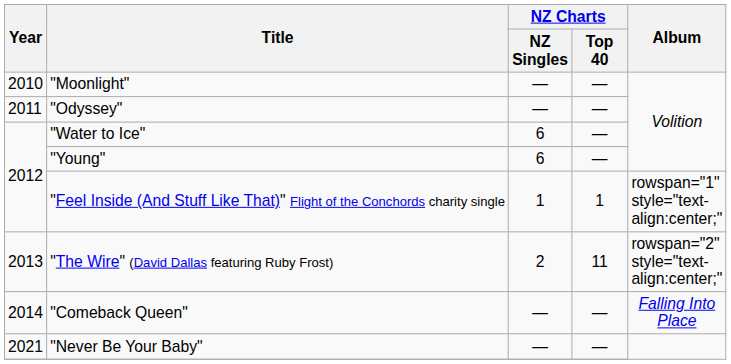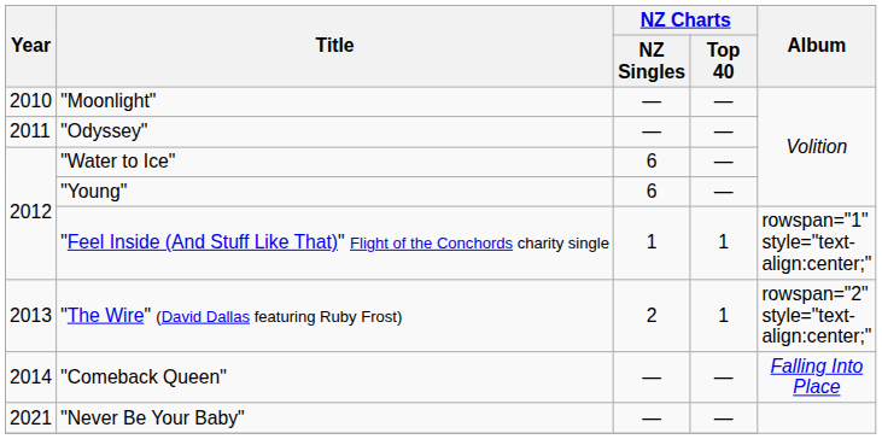 <table class="wikitable">
 <tr>
 <th rowspan="2">Year</th>
 <th rowspan="2">Title</th>
 <th colspan="2"><a href='#'>NZ Charts</a> <br></th>
 <th rowspan="2" style="width:90px;"><strong>Album</strong></th>
 </tr>
 <tr>
 <th style="width:25px;">NZ Singles<br></th>
 <th style="width:50px;">Top 40<br></th>
 </tr>
 <tr>
 <td rowspan=1>2010</td>
 <td>"Moonlight"</td>
 <td style="text-align:center;">—</td>
 <td style="text-align:center;">—</td>
 <td rowspan="4" style="text-align:center;"><em>Volition</em></td>
 </tr>
 <tr>
 <td rowspan=1>2011</td>
 <td>"Odyssey"</td>
 <td style="text-align:center;">—</td>
 <td style="text-align:center;">—</td>
 </tr>
 <tr>
 <td rowspan=3>2012</td>
 <td>"Water to Ice"</td>
 <td align="center">6</td>
 <td style="text-align:center;">—</td>
 </tr>
 <tr>
 <td>"Young"</td>
 <td align="center">6</td>
 <td style="text-align:center;">—</td>
 </tr>
 <tr>
 <td>"<a href='#'>Feel Inside (And Stuff Like That)</a>" <small><a href='#'>Flight of the Conchords</a> charity single</small></td>
 <td style="text-align:center;">1</td>
 <td style="text-align:center;">1</td>
 <td>rowspan="1" style="text-align:center;" </td>
 </tr>
 <tr>
 <td rowspan=1>2013</td>
 <td>"<a href='#'>The Wire</a>" <small>(<a href='#'>David Dallas</a> featuring Ruby Frost)</small></td>
 <td style="text-align:center;">2</td>
-<td style="text-align:center;">11</td>
+<td style="text-align:center;">1</td>
 <td>rowspan="2" style="text-align:center;" </td>
 </tr>
 <tr>
 <td rowspan=1>2014</td>
 <td>"Comeback Queen"</td>
 <td style="text-align:center;">—</td>
 <td style="text-align:center;">—</td>
 <td rowspan="1" style="text-align:center;"><em><a href='#'>Falling Into Place</a></em></td>
 </tr>
 <tr>
 <td rowspan=1>2021</td>
 <td>"Never Be Your Baby"</td>
 <td style="text-align:center;">—</td>
 <td style="text-align:center;">—</td>
 </tr>
 <tr>
 </tr>
 </table>
